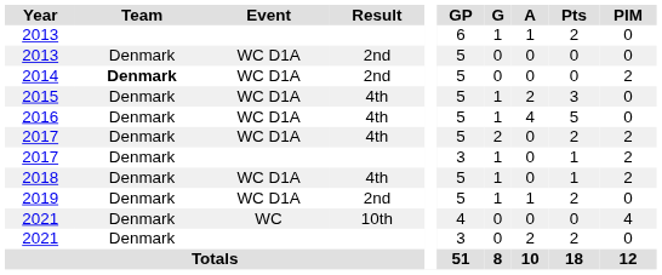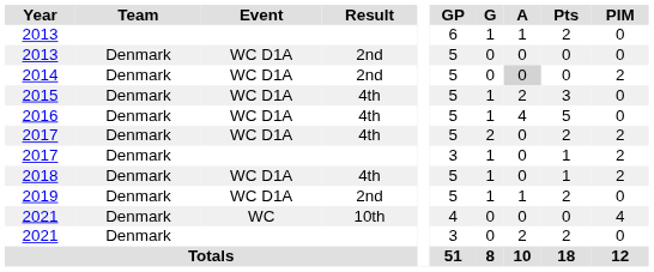 <table border="0" cellpadding="1" cellspacing="0" style="text-align:center; width:40em">
 <tr bgcolor="#e0e0e0">
 <th>Year</th>
 <th>Team</th>
 <th>Event</th>
 <th>Result</th>
 <th rowspan="94" bgcolor="#ffffff"> </th>
 <th>GP</th>
 <th>G</th>
 <th>A</th>
 <th>Pts</th>
 <th>PIM</th>
 </tr>
 <tr>
 <td><a href='#'>2013</a></td>
 <td></td>
 <td></td>
 <td></td>
 <td>6</td>
 <td>1</td>
 <td>1</td>
 <td>2</td>
 <td>0</td>
 </tr>
 <tr bgcolor="#f0f0f0">
 <td><a href='#'>2013</a></td>
 <td>Denmark</td>
 <td>WC D1A</td>
 <td>2nd</td>
 <td>5</td>
 <td>0</td>
 <td>0</td>
 <td>0</td>
 <td>0</td>
 </tr>
 <tr>
 <td><a href='#'>2014</a></td>
-<td><strong>Denmark</strong></td>
+<td>Denmark</td>
 <td>WC D1A</td>
 <td>2nd</td>
 <td>5</td>
 <td>0</td>
-<td>0</td>
+<td style="background: lightgrey;">0</td>
 <td>0</td>
 <td>2</td>
 </tr>
 <tr bgcolor="#f0f0f0">
 <td><a href='#'>2015</a></td>
 <td>Denmark</td>
 <td>WC D1A</td>
 <td>4th</td>
 <td>5</td>
 <td>1</td>
 <td>2</td>
 <td>3</td>
 <td>0</td>
 </tr>
 <tr>
 <td><a href='#'>2016</a></td>
 <td>Denmark</td>
 <td>WC D1A</td>
 <td>4th</td>
 <td>5</td>
 <td>1</td>
 <td>4</td>
 <td>5</td>
 <td>0</td>
 </tr>
 <tr bgcolor="#f0f0f0">
 <td><a href='#'>2017</a></td>
 <td>Denmark</td>
 <td>WC D1A</td>
 <td>4th</td>
 <td>5</td>
 <td>2</td>
 <td>0</td>
 <td>2</td>
 <td>2</td>
 </tr>
 <tr>
 <td><a href='#'>2017</a></td>
 <td>Denmark</td>
 <td></td>
 <td></td>
 <td>3</td>
 <td>1</td>
 <td>0</td>
 <td>1</td>
 <td>2</td>
 </tr>
 <tr bgcolor="#f0f0f0">
 <td><a href='#'>2018</a></td>
 <td>Denmark</td>
 <td>WC D1A</td>
 <td>4th</td>
 <td>5</td>
 <td>1</td>
 <td>0</td>
 <td>1</td>
 <td>2</td>
 </tr>
 <tr>
 <td><a href='#'>2019</a></td>
 <td>Denmark</td>
 <td>WC D1A</td>
 <td>2nd</td>
 <td>5</td>
 <td>1</td>
 <td>1</td>
 <td>2</td>
 <td>0</td>
 </tr>
 <tr bgcolor="#f0f0f0">
 <td><a href='#'>2021</a></td>
 <td>Denmark</td>
 <td>WC</td>
 <td>10th</td>
 <td>4</td>
 <td>0</td>
 <td>0</td>
 <td>0</td>
 <td>4</td>
 </tr>
 <tr>
 <td><a href='#'>2021</a></td>
 <td>Denmark</td>
 <td></td>
 <td></td>
 <td>3</td>
 <td>0</td>
 <td>2</td>
 <td>2</td>
 <td>0</td>
 </tr>
 <tr align="centre" bgcolor="#e0e0e0">
 <th colspan="4">Totals</th>
 <th>51</th>
 <th>8</th>
 <th>10</th>
 <th>18</th>
 <th>12</th>
 </tr>
 </table>
